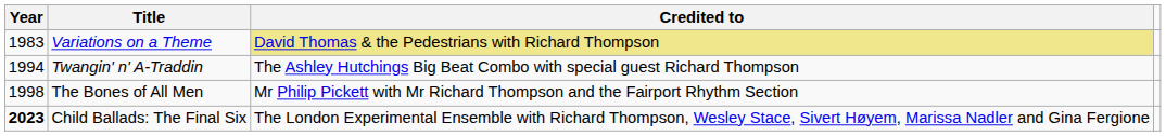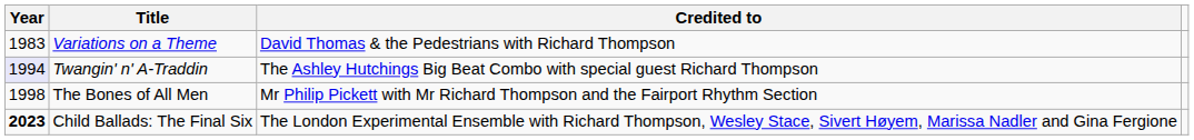 <table class="wikitable">
 <tr>
 <th scope="col">Year</th>
 <th scope="col">Title</th>
 <th scope="col">Credited to</th>
 </tr>
 <tr>
 <td>1983</td>
 <td><em><a href='#'>Variations on a Theme</a></em></td>
-<td style="background: khaki;"><a href='#'>David Thomas</a> & the Pedestrians with Richard Thompson</td>
+<td><a href='#'>David Thomas</a> & the Pedestrians with Richard Thompson</td>
 <td></td>
 </tr>
 <tr>
-<td>1994</td>
+<td style="background: lavender;">1994</td>
 <td><em>Twangin' n' A-Traddin<strong></td>
 <td>The <a href='#'>Ashley Hutchings</a> Big Beat Combo with special guest Richard Thompson</td>
 <td></td>
 </tr>
 <tr>
 <td>1998</td>
 <td></em>The Bones of All Men<em></td>
 <td>Mr <a href='#'>Philip Pickett</a> with Mr Richard Thompson and the Fairport Rhythm Section</td>
 </tr>
 <tr>
 <td><strong>2023</strong></td>
 <td></em>Child Ballads: The Final Six<em></td>
 <td>The London Experimental Ensemble with Richard Thompson, <a href='#'>Wesley Stace</a>, <a href='#'>Sivert Høyem</a>, <a href='#'>Marissa Nadler</a> and Gina Fergione</td>
 <td></td>
 </tr>
 </table>
